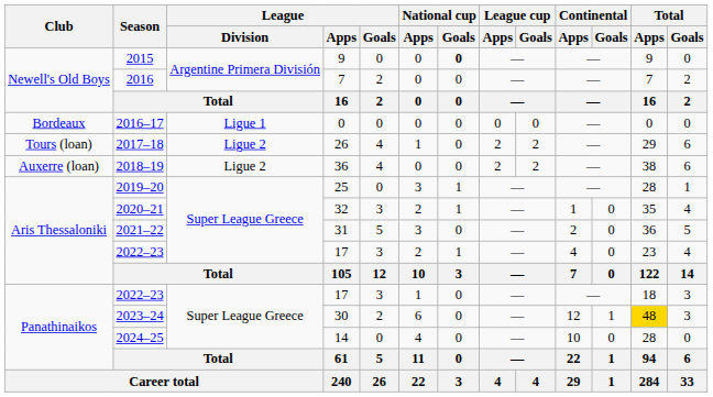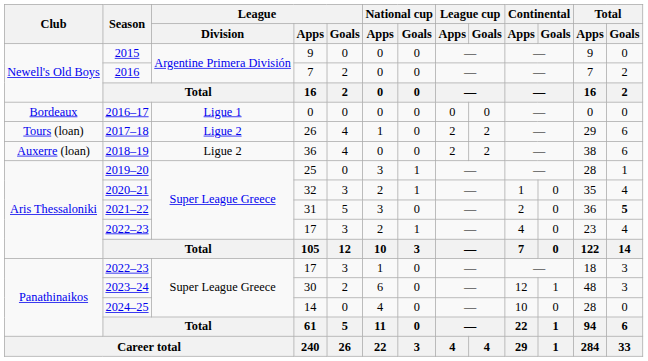 <table class="wikitable" style="text-align:center">
 <tr>
 <th rowspan="2">Club</th>
 <th rowspan="2">Season</th>
 <th colspan="3">League</th>
 <th colspan="2">National cup</th>
 <th colspan="2">League cup</th>
 <th colspan="2">Continental</th>
 <th colspan="2">Total</th>
 </tr>
 <tr>
 <th>Division</th>
 <th>Apps</th>
 <th>Goals</th>
 <th>Apps</th>
 <th>Goals</th>
 <th>Apps</th>
 <th>Goals</th>
 <th>Apps</th>
 <th>Goals</th>
 <th>Apps</th>
 <th>Goals</th>
 </tr>
 <tr>
 <td rowspan="3"><a href='#'>Newell's Old Boys</a></td>
 <td><a href='#'>2015</a></td>
 <td rowspan="2"><a href='#'>Argentine Primera División</a></td>
 <td>9</td>
 <td>0</td>
 <td>0</td>
-<td><strong>0</strong></td>
+<td>0</td>
 <td colspan="2">—</td>
 <td colspan="2">—</td>
 <td>9</td>
 <td>0</td>
 </tr>
 <tr>
 <td><a href='#'>2016</a></td>
 <td>7</td>
 <td>2</td>
 <td>0</td>
 <td>0</td>
 <td colspan="2">—</td>
 <td colspan="2">—</td>
 <td>7</td>
 <td>2</td>
 </tr>
 <tr>
 <th colspan="2">Total</th>
 <th>16</th>
 <th>2</th>
 <th>0</th>
 <th>0</th>
 <th colspan="2">—</th>
 <th colspan="2">—</th>
 <th>16</th>
 <th>2</th>
 </tr>
 <tr>
 <td><a href='#'>Bordeaux</a></td>
 <td><a href='#'>2016–17</a></td>
 <td><a href='#'>Ligue 1</a></td>
 <td>0</td>
 <td>0</td>
 <td>0</td>
 <td>0</td>
 <td>0</td>
 <td>0</td>
 <td colspan="2">—</td>
 <td>0</td>
 <td>0</td>
 </tr>
 <tr>
 <td><a href='#'>Tours</a> (loan)</td>
 <td><a href='#'>2017–18</a></td>
 <td><a href='#'>Ligue 2</a></td>
 <td>26</td>
 <td>4</td>
 <td>1</td>
 <td>0</td>
 <td>2</td>
 <td>2</td>
 <td colspan="2">—</td>
 <td>29</td>
 <td>6</td>
 </tr>
 <tr>
 <td><a href='#'>Auxerre</a> (loan)</td>
 <td><a href='#'>2018–19</a></td>
 <td>Ligue 2</td>
 <td>36</td>
 <td>4</td>
 <td>0</td>
 <td>0</td>
 <td>2</td>
 <td>2</td>
 <td colspan="2">—</td>
 <td>38</td>
 <td>6</td>
 </tr>
 <tr>
 <td rowspan="5"><a href='#'>Aris Thessaloniki</a></td>
 <td><a href='#'>2019–20</a></td>
 <td rowspan="4"><a href='#'>Super League Greece</a></td>
 <td>25</td>
 <td>0</td>
 <td>3</td>
 <td>1</td>
 <td colspan="2">—</td>
 <td colspan="2">—</td>
 <td>28</td>
 <td>1</td>
 </tr>
 <tr>
 <td><a href='#'>2020–21</a></td>
 <td>32</td>
 <td>3</td>
 <td>2</td>
 <td>1</td>
 <td colspan="2">—</td>
 <td>1</td>
 <td>0</td>
 <td>35</td>
 <td>4</td>
 </tr>
 <tr>
 <td><a href='#'>2021–22</a></td>
 <td>31</td>
 <td>5</td>
 <td>3</td>
 <td>0</td>
 <td colspan="2">—</td>
 <td>2</td>
 <td>0</td>
 <td>36</td>
-<td>5</td>
+<td><strong>5</strong></td>
 </tr>
 <tr>
 <td><a href='#'>2022–23</a></td>
 <td>17</td>
 <td>3</td>
 <td>2</td>
 <td>1</td>
 <td colspan="2">—</td>
 <td>4</td>
 <td>0</td>
 <td>23</td>
 <td>4</td>
 </tr>
 <tr>
 <th colspan="2">Total</th>
 <th>105</th>
 <th>12</th>
 <th>10</th>
 <th>3</th>
 <th colspan="2">—</th>
 <th>7</th>
 <th>0</th>
 <th>122</th>
 <th>14</th>
 </tr>
 <tr>
 <td rowspan="4"><a href='#'>Panathinaikos</a></td>
 <td><a href='#'>2022–23</a></td>
 <td rowspan="3">Super League Greece</td>
 <td>17</td>
 <td>3</td>
 <td>1</td>
 <td>0</td>
 <td colspan="2">—</td>
 <td colspan="2">—</td>
 <td>18</td>
 <td>3</td>
 </tr>
 <tr>
 <td><a href='#'>2023–24</a></td>
 <td>30</td>
 <td>2</td>
 <td>6</td>
 <td>0</td>
 <td colspan="2">—</td>
 <td>12</td>
 <td>1</td>
-<td style="background: gold;">48</td>
+<td>48</td>
 <td>3</td>
 </tr>
 <tr>
 <td><a href='#'>2024–25</a></td>
 <td>14</td>
 <td>0</td>
 <td>4</td>
 <td>0</td>
 <td colspan="2">—</td>
 <td>10</td>
 <td>0</td>
 <td>28</td>
 <td>0</td>
 </tr>
 <tr>
 <th colspan="2">Total</th>
 <th>61</th>
 <th>5</th>
 <th>11</th>
 <th>0</th>
 <th colspan="2">—</th>
 <th>22</th>
 <th>1</th>
 <th>94</th>
 <th>6</th>
 </tr>
 <tr>
 <th colspan="3">Career total</th>
 <th>240</th>
 <th>26</th>
 <th>22</th>
 <th>3</th>
 <th>4</th>
 <th>4</th>
 <th>29</th>
 <th>1</th>
 <th>284</th>
 <th>33</th>
 </tr>
 </table>
